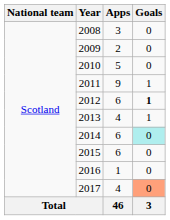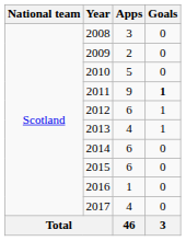 <table class="wikitable" style="text-align:center">
 <tr>
 <th>National team</th>
 <th>Year</th>
 <th>Apps</th>
 <th>Goals</th>
 </tr>
 <tr>
 <td rowspan="10"><a href='#'>Scotland</a></td>
 <td>2008</td>
 <td>3</td>
 <td>0</td>
 </tr>
 <tr>
 <td>2009</td>
 <td>2</td>
 <td>0</td>
 </tr>
 <tr>
 <td>2010</td>
 <td>5</td>
 <td>0</td>
 </tr>
 <tr>
 <td>2011</td>
 <td>9</td>
-<td>1</td>
+<td><strong>1</strong></td>
 </tr>
 <tr>
 <td>2012</td>
 <td>6</td>
-<td><strong>1</strong></td>
+<td>1</td>
 </tr>
 <tr>
 <td>2013</td>
 <td>4</td>
 <td>1</td>
 </tr>
 <tr>
 <td>2014</td>
 <td>6</td>
-<td style="background: paleturquoise;">0</td>
+<td>0</td>
 </tr>
 <tr>
 <td>2015</td>
 <td>6</td>
 <td>0</td>
 </tr>
 <tr>
 <td>2016</td>
 <td>1</td>
 <td>0</td>
 </tr>
 <tr>
 <td>2017</td>
 <td>4</td>
-<td style="background: lightsalmon;">0</td>
+<td>0</td>
 </tr>
 <tr>
 <th colspan="2">Total</th>
 <th>46</th>
 <th>3</th>
 </tr>
 </table>
